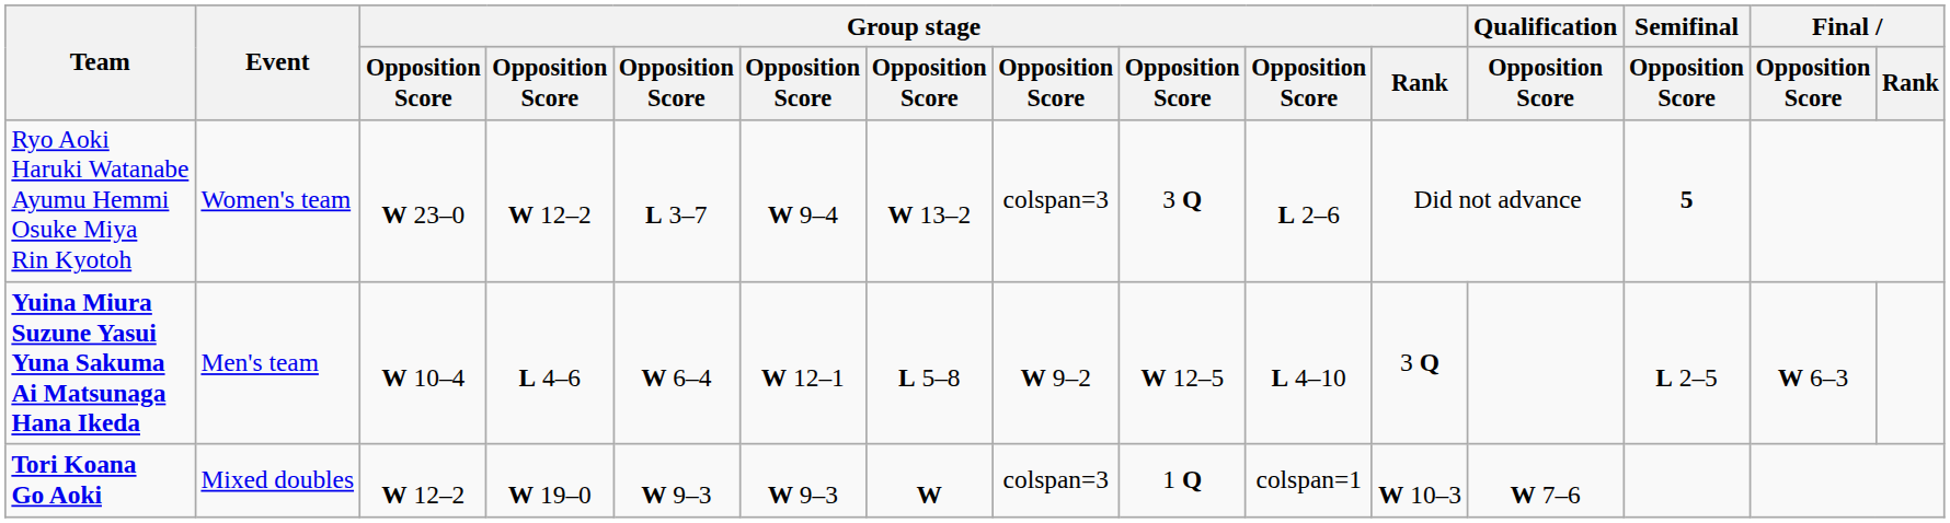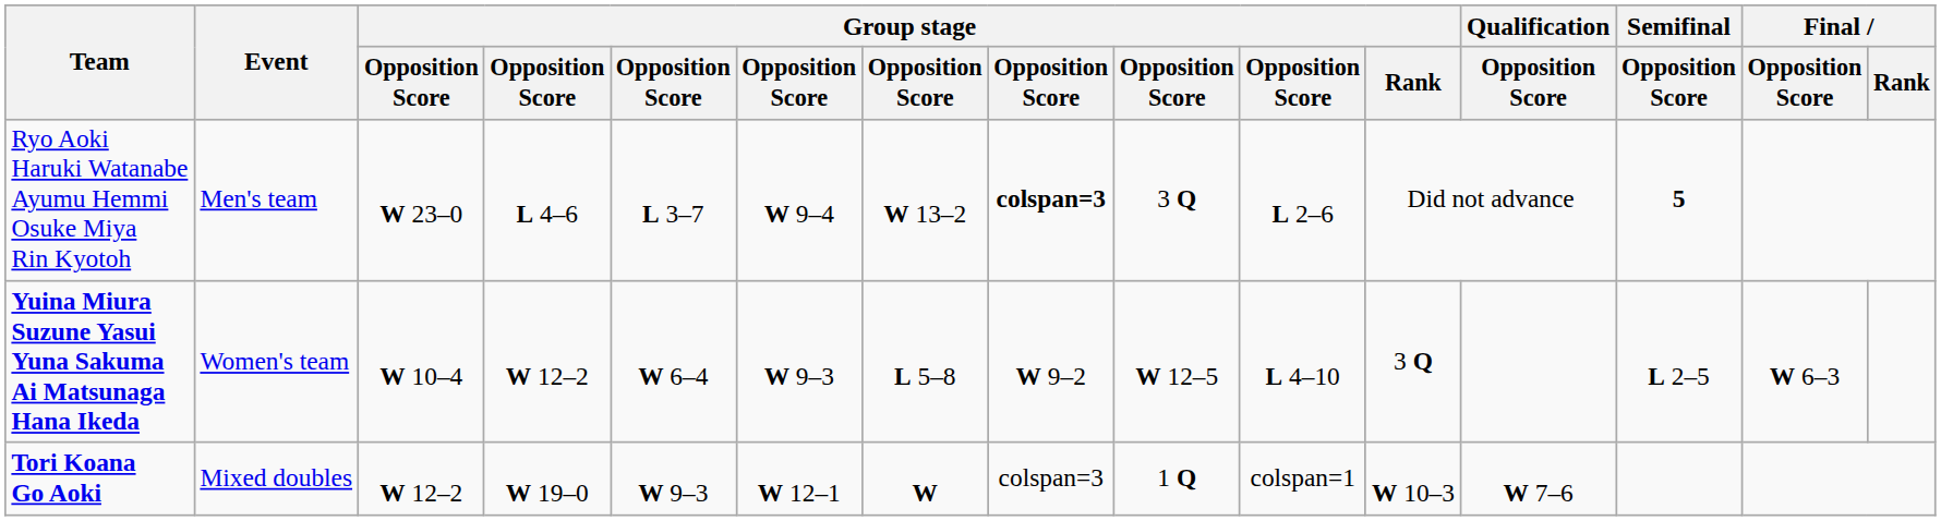 <table class=wikitable style=font-size:85%;text-align:center>
 <tr>
 <th rowspan=2>Team</th>
 <th rowspan=2>Event</th>
 <th colspan=9>Group stage</th>
 <th>Qualification</th>
 <th>Semifinal</th>
 <th colspan=2>Final / </th>
 </tr>
 <tr style=font-size:95%>
 <th>Opposition<br>Score</th>
 <th>Opposition<br>Score</th>
 <th>Opposition<br>Score</th>
 <th>Opposition<br>Score</th>
 <th>Opposition<br>Score</th>
 <th>Opposition<br>Score</th>
 <th>Opposition<br>Score</th>
 <th>Opposition<br>Score</th>
 <th>Rank</th>
 <th>Opposition<br>Score</th>
 <th>Opposition<br>Score</th>
 <th>Opposition<br>Score</th>
 <th>Rank</th>
 </tr>
 <tr>
 <td align=left><a href='#'>Ryo Aoki</a><br><a href='#'>Haruki Watanabe</a><br><a href='#'>Ayumu Hemmi</a><br><a href='#'>Osuke Miya</a><br><a href='#'>Rin Kyotoh</a></td>
-<td align=left><a href='#'>Women's team</a></td>
+<td align=left><a href='#'>Men's team</a></td>
 <td><br><strong>W</strong> 23–0</td>
-<td><br><strong>W</strong> 12–2</td>
+<td><br><strong>L</strong> 4–6</td>
 <td><br><strong>L</strong> 3–7</td>
 <td><br><strong>W</strong> 9–4</td>
 <td><br><strong>W</strong> 13–2</td>
-<td>colspan=3 </td>
+<td><strong>colspan=3 </strong></td>
 <td>3 <strong>Q</strong></td>
 <td><br><strong>L</strong> 2–6</td>
 <td colspan=2>Did not advance</td>
 <td><strong>5</strong></td>
 </tr>
 <tr>
 <td align=left><strong><a href='#'>Yuina Miura</a><br><a href='#'>Suzune Yasui</a><br><a href='#'>Yuna Sakuma</a><br><a href='#'>Ai Matsunaga</a><br><a href='#'>Hana Ikeda</a></strong></td>
-<td align=left><a href='#'>Men's team</a></td>
+<td align=left><a href='#'>Women's team</a></td>
 <td><br><strong>W</strong> 10–4</td>
-<td><br><strong>L</strong> 4–6</td>
+<td><br><strong>W</strong> 12–2</td>
 <td><br><strong>W</strong> 6–4</td>
-<td><br><strong>W</strong> 12–1</td>
+<td><br><strong>W</strong> 9–3</td>
 <td><br><strong>L</strong> 5–8</td>
 <td><br><strong>W</strong> 9–2</td>
 <td><br><strong>W</strong> 12–5</td>
 <td><br><strong>L</strong> 4–10</td>
 <td>3 <strong>Q</strong></td>
 <td></td>
 <td><br><strong>L</strong> 2–5</td>
 <td><br><strong>W</strong> 6–3</td>
 <td></td>
 </tr>
 <tr>
 <td align=left><strong><a href='#'>Tori Koana</a><br><a href='#'>Go Aoki</a></strong></td>
 <td align=left><a href='#'>Mixed doubles</a></td>
 <td><br><strong>W</strong> 12–2</td>
 <td><br><strong>W</strong> 19–0</td>
 <td><br><strong>W</strong> 9–3</td>
-<td><br><strong>W</strong> 9–3</td>
+<td><br><strong>W</strong> 12–1</td>
 <td><br><strong>W</strong></td>
 <td>colspan=3 </td>
 <td>1 <strong>Q</strong></td>
 <td>colspan=1 </td>
 <td><br><strong>W</strong> 10–3</td>
 <td><br><strong>W</strong> 7–6</td>
 <td></td>
 </tr>
 </table>
